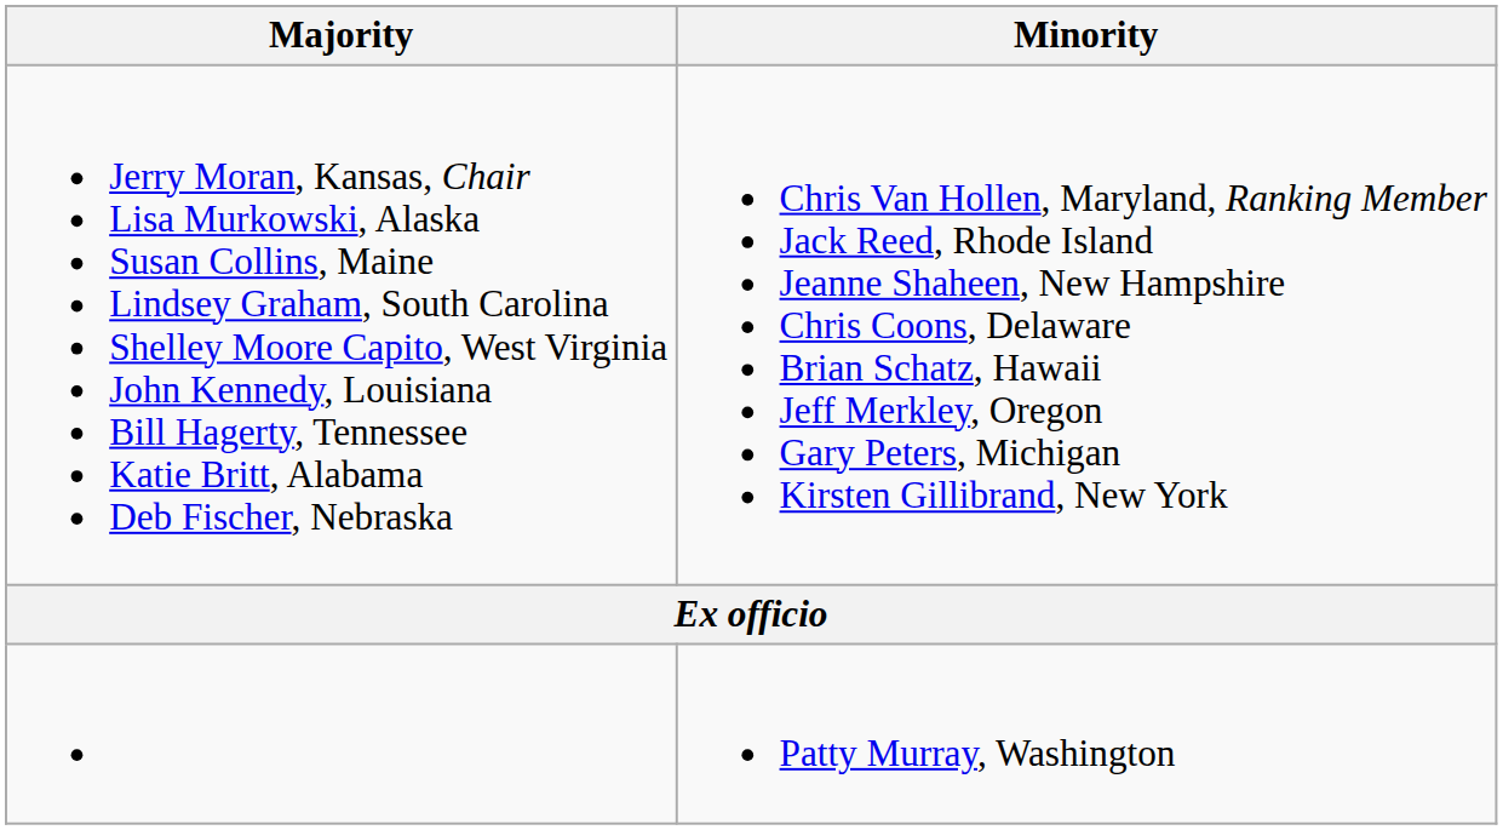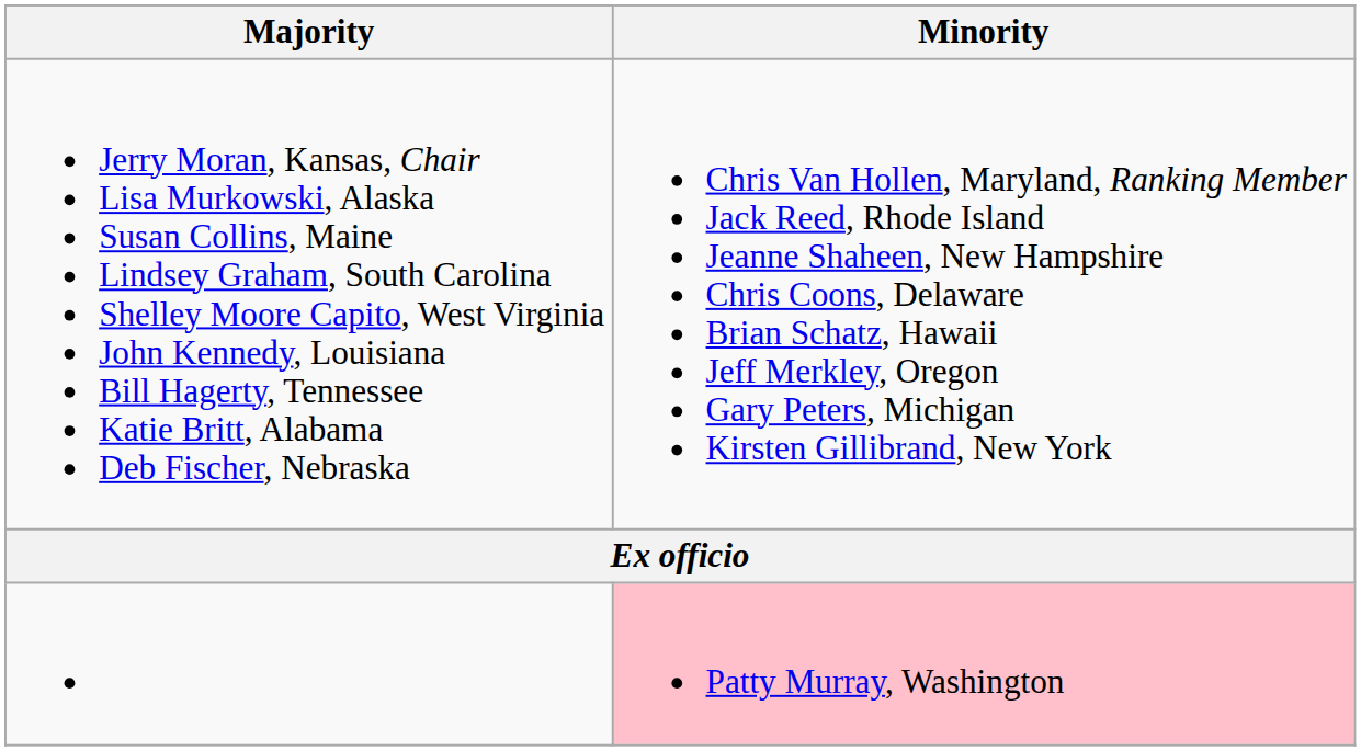 <table class=wikitable>
 <tr>
 <th>Majority</th>
 <th>Minority</th>
 </tr>
 <tr>
 <td><br><ul><li><a href='#'>Jerry Moran</a>, Kansas, <em>Chair</em></li><li><a href='#'>Lisa Murkowski</a>, Alaska</li><li><a href='#'>Susan Collins</a>, Maine</li><li><a href='#'>Lindsey Graham</a>, South Carolina</li><li><a href='#'>Shelley Moore Capito</a>, West Virginia</li><li><a href='#'>John Kennedy</a>, Louisiana</li><li><a href='#'>Bill Hagerty</a>, Tennessee</li><li><a href='#'>Katie Britt</a>, Alabama</li><li><a href='#'>Deb Fischer</a>, Nebraska</li></ul></td>
 <td><br><ul><li><a href='#'>Chris Van Hollen</a>, Maryland, <em>Ranking Member</em></li><li><a href='#'>Jack Reed</a>, Rhode Island</li><li><a href='#'>Jeanne Shaheen</a>, New Hampshire</li><li><a href='#'>Chris Coons</a>, Delaware</li><li><a href='#'>Brian Schatz</a>, Hawaii</li><li><a href='#'>Jeff Merkley</a>, Oregon</li><li><a href='#'>Gary Peters</a>, Michigan</li><li><a href='#'>Kirsten Gillibrand</a>, New York</li></ul></td>
 </tr>
 <tr>
 <th colspan=2 align=center><em>Ex officio</em></th>
 </tr>
 <tr>
 <td><br><ul><li></li></ul></td>
-<td><br><ul><li><a href='#'>Patty Murray</a>, Washington</li></ul></td>
+<td style="background: pink;"><br><ul><li><a href='#'>Patty Murray</a>, Washington</li></ul></td>
 </tr>
 </table>
